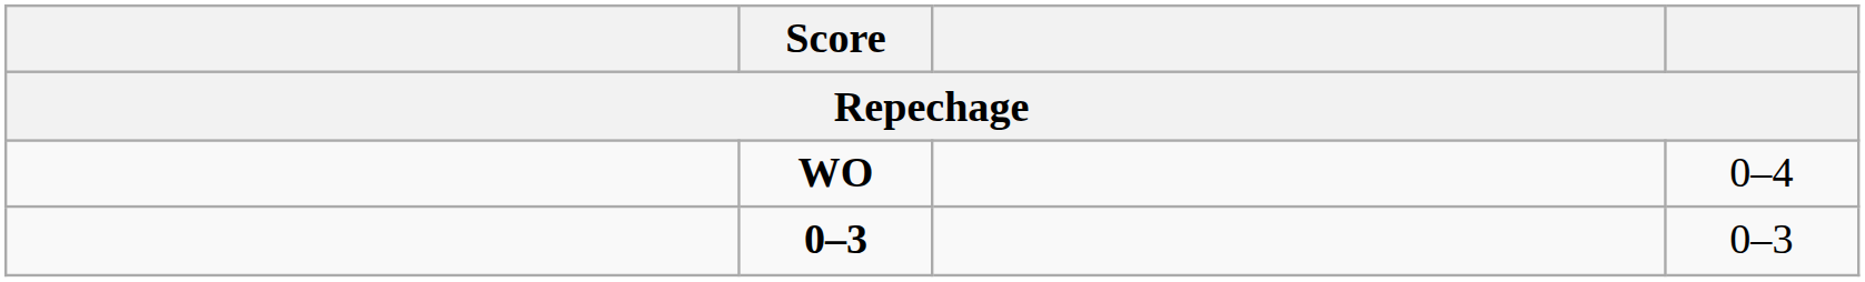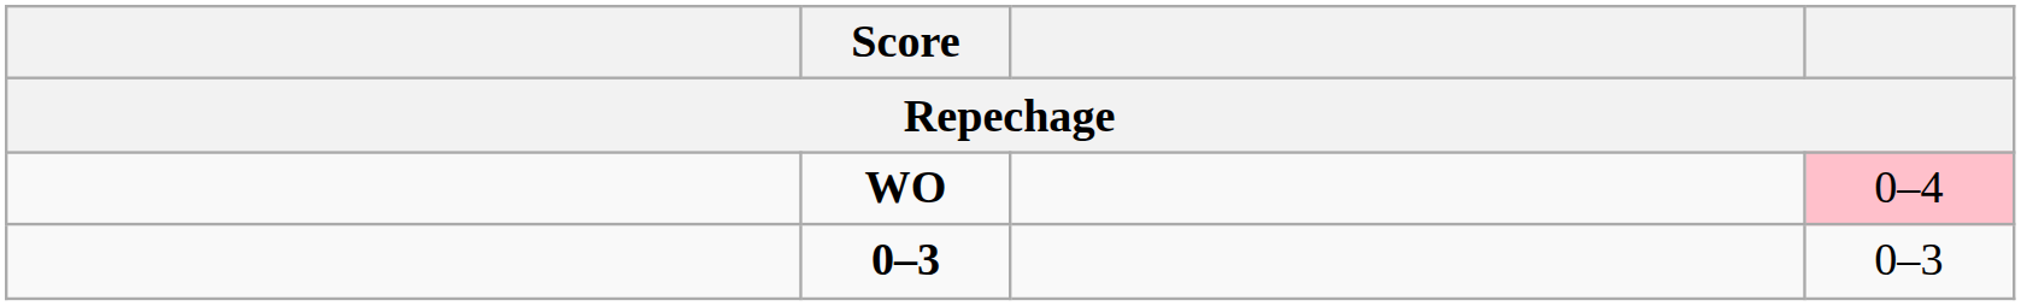 <table class="wikitable" style="text-align: left; ">
 <tr>
 <th align="right" width="270"></th>
 <th width="65">Score</th>
 <th align="left" width="270"></th>
 <th width="65"></th>
 </tr>
 <tr>
 <th colspan=4>Repechage</th>
 </tr>
 <tr>
 <td></td>
 <td align="center"><strong>WO</strong></td>
 <td><strong></strong></td>
-<td align=center>0–4 <strong></strong></td>
+<td align=center style="background: pink;">0–4 <strong></strong></td>
 </tr>
 <tr>
 <td></td>
 <td align="center"><strong>0–3</strong></td>
 <td><strong></strong></td>
 <td align=center>0–3 <strong></strong></td>
 </tr>
 </table>
